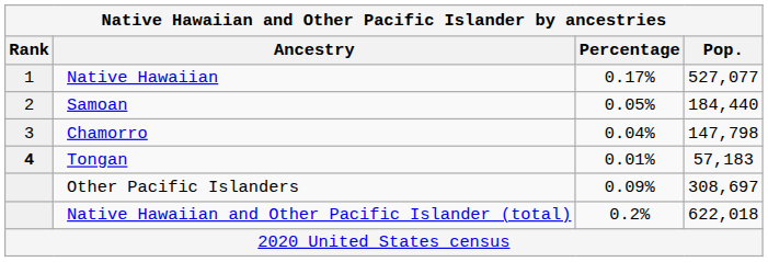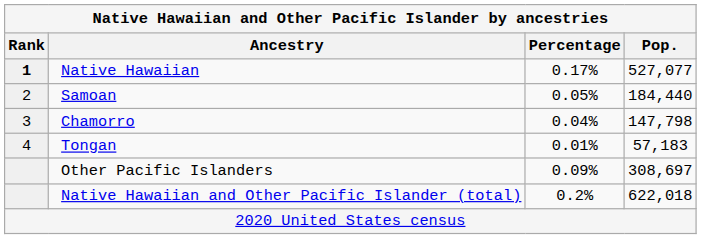 <table class="wikitable" style="text-align:center; margin-right:10px; font-size:100%">
 <tr>
 <th colspan="5" style="padding:0.3em 0; line-height:1.2em; background:#f5f5f5;">Native Hawaiian and Other Pacific Islander by ancestries</th>
 </tr>
 <tr style="background:#f5f5f5;" valign="top">
 <th>Rank</th>
 <th>Ancestry</th>
 <th>Percentage</th>
 <th>Pop.</th>
 </tr>
 <tr valign="top">
-<td style="background:#f0f0f0; text-align: center;">1</td>
+<td style="background:#f0f0f0; text-align: center;"><strong>1</strong></td>
 <td style="text-align: left; padding-left: 10px;"><a href='#'>Native Hawaiian</a></td>
 <td>0.17%</td>
 <td>527,077</td>
 </tr>
 <tr valign="top">
 <td style="background:#f0f0f0; text-align: center;">2</td>
 <td style="text-align: left; padding-left: 10px;"><a href='#'>Samoan</a></td>
 <td>0.05%</td>
 <td>184,440</td>
 </tr>
 <tr valign="top">
 <td style="background:#f0f0f0; text-align: center;">3</td>
 <td style="text-align: left; padding-left: 10px;"><a href='#'>Chamorro</a></td>
 <td>0.04%</td>
 <td>147,798</td>
 </tr>
 <tr valign="top">
-<td style="background:#f0f0f0; text-align: center;"><strong>4</strong></td>
+<td style="background:#f0f0f0; text-align: center;">4</td>
 <td style="text-align: left; padding-left: 10px;"><a href='#'>Tongan</a></td>
 <td>0.01%</td>
 <td>57,183</td>
 </tr>
 <tr valign="top">
 <td style="background:#f0f0f0; text-align: center;"></td>
 <td style="text-align: left; padding-left: 10px;">Other Pacific Islanders</td>
 <td>0.09%</td>
 <td>308,697</td>
 </tr>
 <tr valign="top">
 <td style="background:#f0f0f0; text-align: center;"></td>
 <td style="text-align: left; padding-left: 10px;"><a href='#'>Native Hawaiian and Other Pacific Islander (total)</a></td>
 <td>0.2%</td>
 <td>622,018</td>
 </tr>
 <tr valign="top">
 <td colspan="4" style="background:#f5f5f5; text-align: center;"><a href='#'>2020 United States census</a></td>
 </tr>
 </table>
